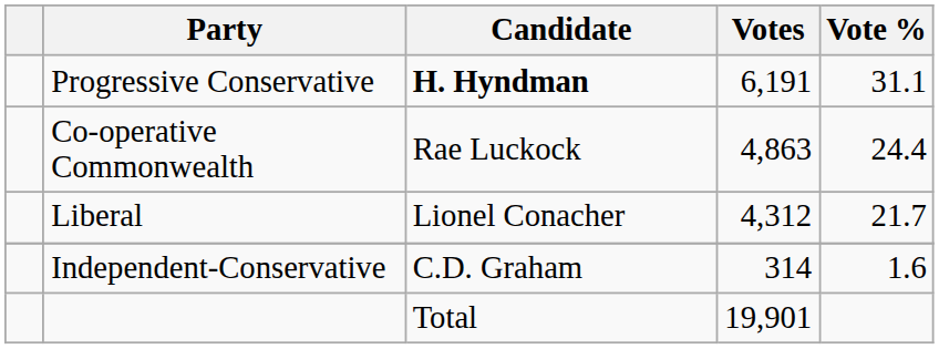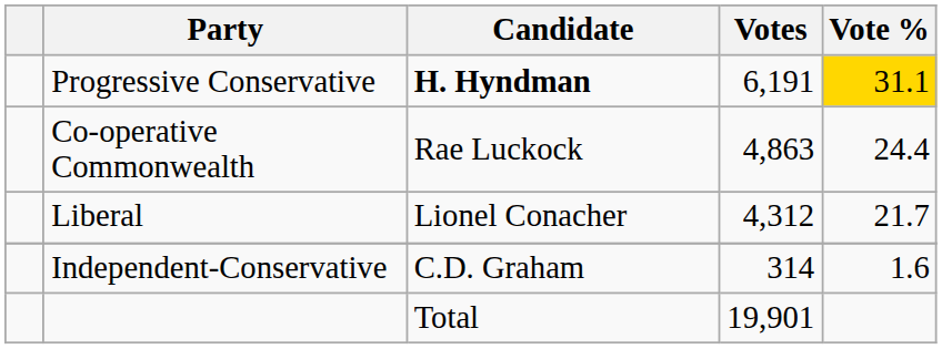 <table class="wikitable">
 <tr>
 <th></th>
 <th scope="col" width="175">Party</th>
 <th scope="col" width="150">Candidate</th>
 <th>Votes</th>
 <th>Vote %</th>
 </tr>
 <tr>
 <td>   </td>
 <td>Progressive Conservative</td>
 <td><strong>H. Hyndman</strong></td>
 <td align=right>6,191</td>
-<td align=right>31.1</td>
+<td align=right style="background: gold;">31.1</td>
 </tr>
 <tr>
 <td>   </td>
 <td>Co-operative Commonwealth</td>
 <td>Rae Luckock</td>
 <td align=right>4,863</td>
 <td align=right>24.4</td>
 </tr>
 <tr>
 <td>   </td>
 <td>Liberal</td>
 <td>Lionel Conacher</td>
 <td align=right>4,312</td>
 <td align=right>21.7</td>
 </tr>
 <tr>
 </tr>
 <tr>
 <td>   </td>
 <td>Independent-Conservative</td>
 <td>C.D. Graham</td>
 <td align=right>314</td>
 <td align=right>1.6</td>
 </tr>
 <tr>
 <td></td>
 <td></td>
 <td>Total</td>
 <td align=right>19,901</td>
 <td></td>
 </tr>
 </table>
